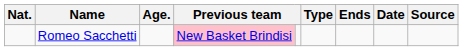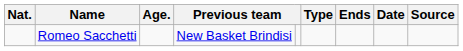 <table class="wikitable sortable">
 <tr>
 <th>Nat.</th>
 <th>Name</th>
 <th>Age.</th>
 <th colspan=2>Previous team</th>
 <th>Type</th>
 <th>Ends</th>
 <th>Date</th>
 <th>Source</th>
 </tr>
 <tr>
 <td></td>
 <td><a href='#'>Romeo Sacchetti</a></td>
 <td></td>
-<td style="background: pink;"><a href='#'>New Basket Brindisi</a></td>
+<td><a href='#'>New Basket Brindisi</a></td>
 <td></td>
 <td></td>
 <td></td>
 <td></td>
 <td></td>
 </tr>
 </table>
